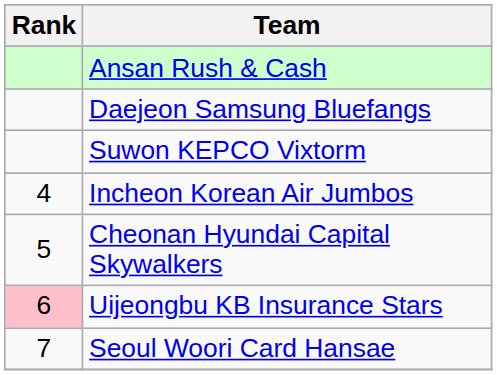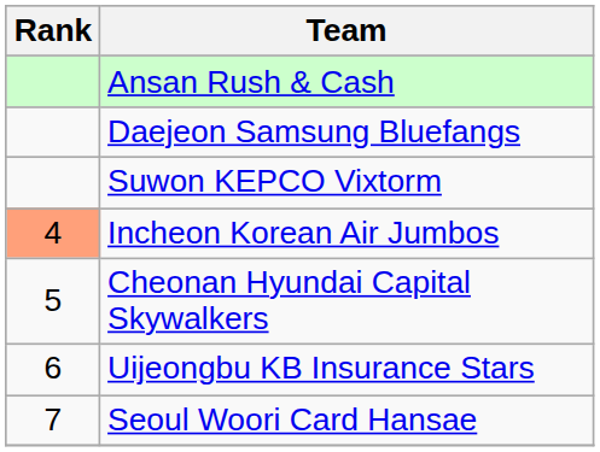 <table class="wikitable" style="text-align: center;">
 <tr>
 <th width=40>Rank</th>
 <th width=240>Team</th>
 </tr>
 <tr bgcolor=#ccffcc>
 <td></td>
 <td align=left><a href='#'>Ansan Rush & Cash</a></td>
 </tr>
 <tr>
 <td></td>
 <td align=left><a href='#'>Daejeon Samsung Bluefangs</a></td>
 </tr>
 <tr>
 <td></td>
 <td align=left><a href='#'>Suwon KEPCO Vixtorm</a></td>
 </tr>
 <tr>
-<td>4</td>
+<td style="background: lightsalmon;">4</td>
 <td align=left><a href='#'>Incheon Korean Air Jumbos</a></td>
 </tr>
 <tr>
 <td>5</td>
 <td align=left><a href='#'>Cheonan Hyundai Capital Skywalkers</a></td>
 </tr>
 <tr>
-<td style="background: pink;">6</td>
+<td>6</td>
 <td align=left><a href='#'>Uijeongbu KB Insurance Stars</a></td>
 </tr>
 <tr>
 <td>7</td>
 <td align=left><a href='#'>Seoul Woori Card Hansae</a></td>
 </tr>
 <tr>
 </tr>
 </table>
